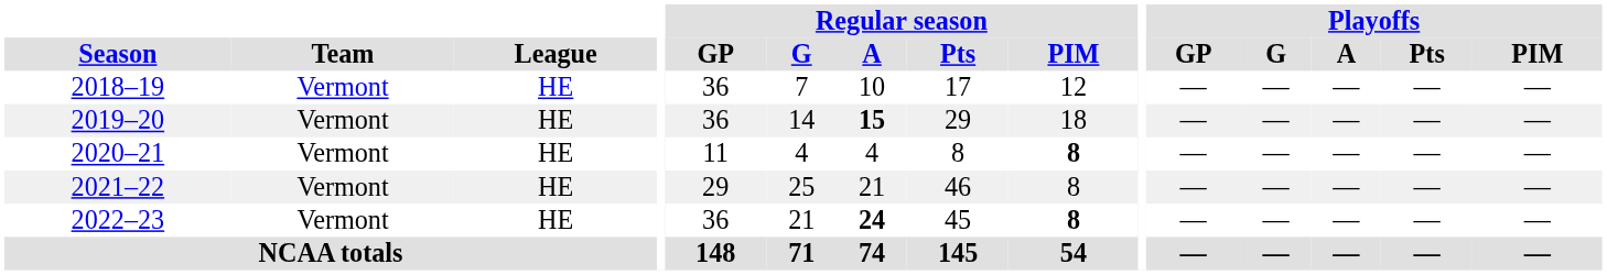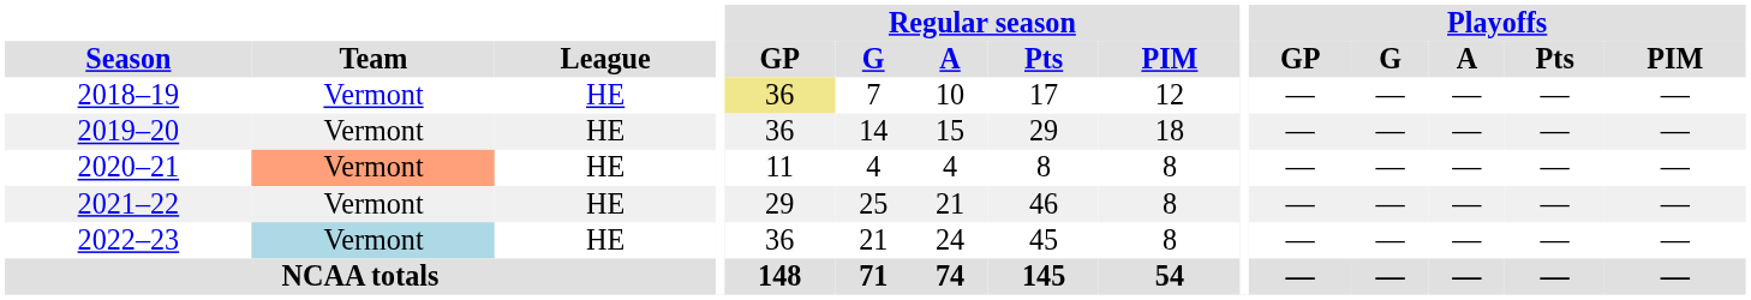 <table border="0" cellpadding="1" cellspacing="0" style="text-align:center; width:60em">
 <tr bgcolor="#e0e0e0">
 <th colspan="3" bgcolor="#ffffff"></th>
 <th rowspan="97" bgcolor="#ffffff"></th>
 <th colspan="5"><a href='#'>Regular season</a></th>
 <th rowspan="97" bgcolor="#ffffff"></th>
 <th colspan="5"><a href='#'>Playoffs</a></th>
 </tr>
 <tr bgcolor="#e0e0e0">
 <th><a href='#'>Season</a></th>
 <th>Team</th>
 <th>League</th>
 <th>GP</th>
 <th><a href='#'>G</a></th>
 <th><a href='#'>A</a></th>
 <th><a href='#'>Pts</a></th>
 <th><a href='#'>PIM</a></th>
 <th>GP</th>
 <th>G</th>
 <th>A</th>
 <th>Pts</th>
 <th>PIM</th>
 </tr>
 <tr>
 <td><a href='#'>2018–19</a></td>
 <td><a href='#'>Vermont</a></td>
 <td><a href='#'>HE</a></td>
-<td>36</td>
+<td style="background: khaki;">36</td>
 <td>7</td>
 <td>10</td>
 <td>17</td>
 <td>12</td>
 <td>—</td>
 <td>—</td>
 <td>—</td>
 <td>—</td>
 <td>—</td>
 </tr>
 <tr bgcolor="#f0f0f0">
 <td><a href='#'>2019–20</a></td>
 <td>Vermont</td>
 <td>HE</td>
 <td>36</td>
 <td>14</td>
-<td><strong>15</strong></td>
+<td>15</td>
 <td>29</td>
 <td>18</td>
 <td>—</td>
 <td>—</td>
 <td>—</td>
 <td>—</td>
 <td>—</td>
 </tr>
 <tr>
 <td><a href='#'>2020–21</a></td>
-<td>Vermont</td>
+<td style="background: lightsalmon;">Vermont</td>
 <td>HE</td>
 <td>11</td>
 <td>4</td>
 <td>4</td>
 <td>8</td>
-<td><strong>8</strong></td>
+<td>8</td>
 <td>—</td>
 <td>—</td>
 <td>—</td>
 <td>—</td>
 <td>—</td>
 </tr>
 <tr bgcolor="#f0f0f0">
 <td><a href='#'>2021–22</a></td>
 <td>Vermont</td>
 <td>HE</td>
 <td>29</td>
 <td>25</td>
 <td>21</td>
 <td>46</td>
 <td>8</td>
 <td>—</td>
 <td>—</td>
 <td>—</td>
 <td>—</td>
 <td>—</td>
 </tr>
 <tr>
 <td><a href='#'>2022–23</a></td>
-<td>Vermont</td>
+<td style="background: lightblue;">Vermont</td>
 <td>HE</td>
 <td>36</td>
 <td>21</td>
-<td><strong>24</strong></td>
+<td>24</td>
 <td>45</td>
-<td><strong>8</strong></td>
+<td>8</td>
 <td>—</td>
 <td>—</td>
 <td>—</td>
 <td>—</td>
 <td>—</td>
 </tr>
 <tr bgcolor="#e0e0e0">
 <th colspan="3">NCAA totals</th>
 <th>148</th>
 <th>71</th>
 <th>74</th>
 <th>145</th>
 <th>54</th>
 <th>—</th>
 <th>—</th>
 <th>—</th>
 <th>—</th>
 <th>—</th>
 </tr>
 </table>
